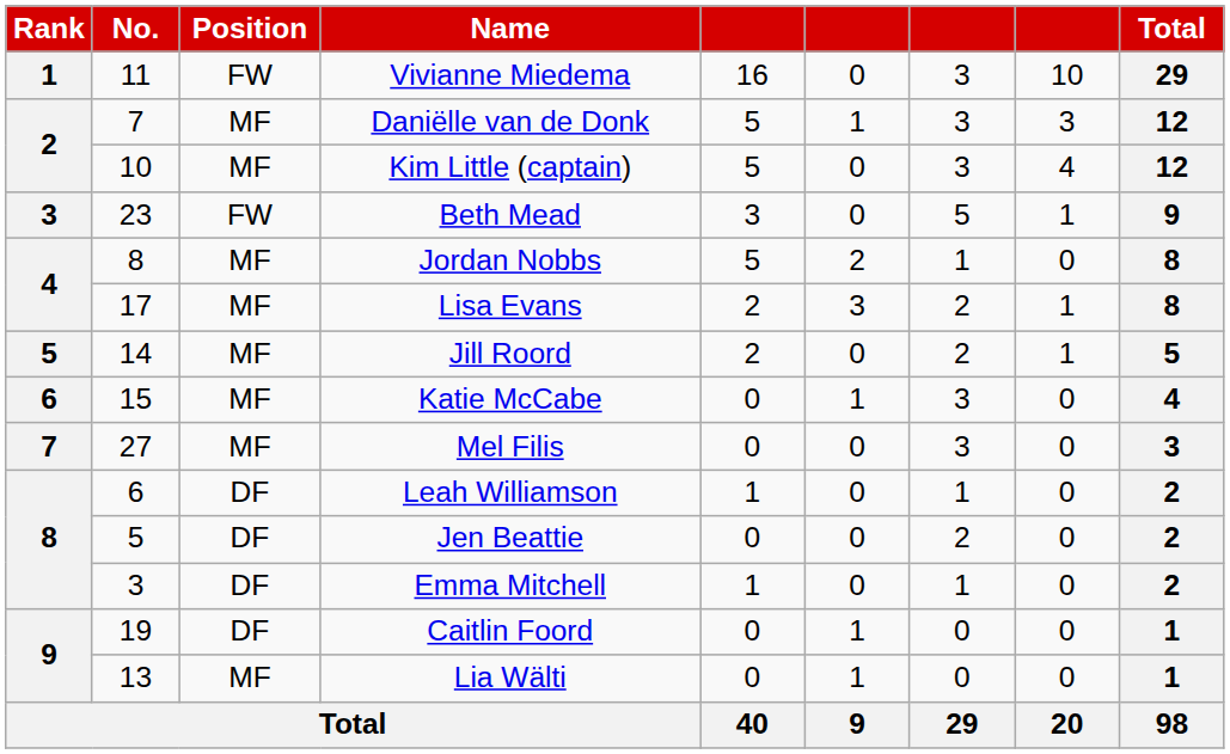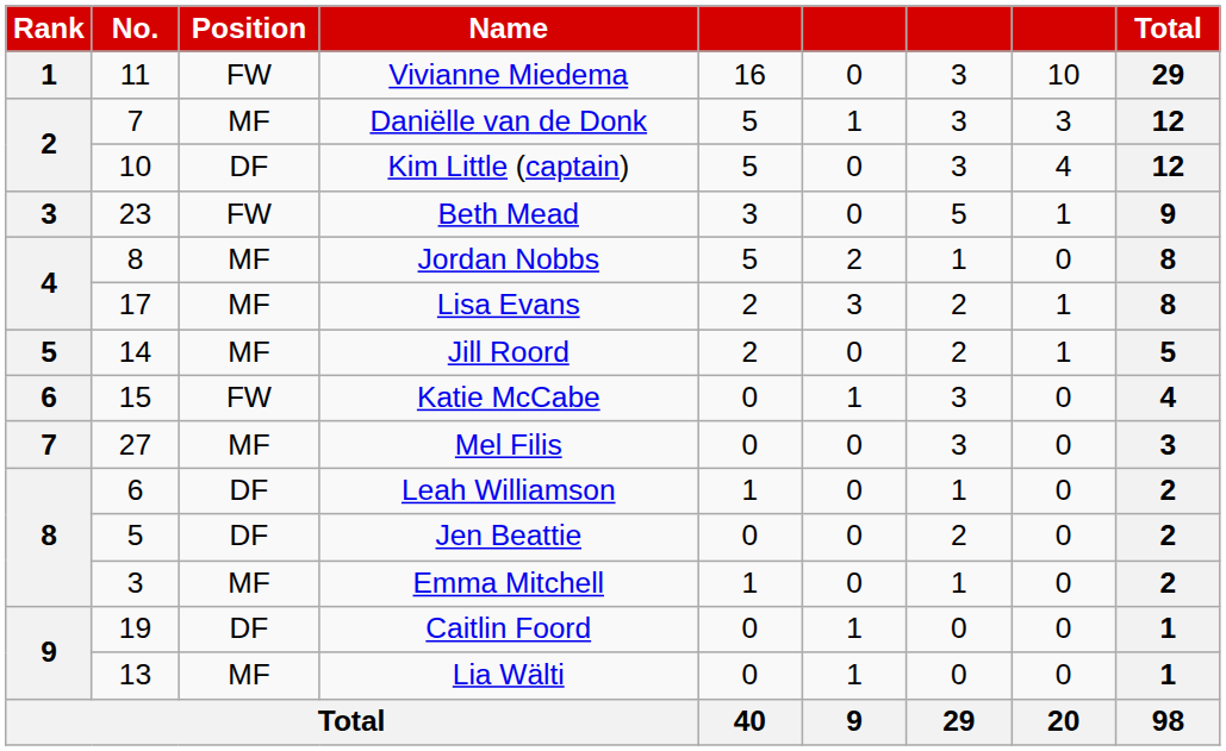 <table class="wikitable" style="text-align:center; font-size:100%; ">
 <tr>
 <th style="background:#d50000; color:white; text-align:center; width:40px">Rank</th>
 <th style="background:#d50000; color:white; text-align:center; width:40px">No.</th>
 <th style="background:#d50000; color:white; text-align:center; width:70px">Position</th>
 <th style="background:#d50000; color:white; text-align:center; width:200px">Name</th>
 <th style="background:#d50000; color:white; text-align:center; width:50px;"><a href='#'></a></th>
 <th style="background:#d50000; color:white; text-align:center; width:50px;"><a href='#'></a></th>
 <th style="background:#d50000; color:white; text-align:center; width:50px;"><a href='#'></a></th>
 <th style="background:#d50000; color:white; text-align:center; width:50px;"><a href='#'></a></th>
 <th style="background:#d50000; color:white; text-align:center; width:50px;">Total</th>
 </tr>
 <tr>
 <th>1</th>
 <td>11</td>
 <td>FW</td>
 <td> <a href='#'>Vivianne Miedema</a></td>
 <td>16</td>
 <td>0</td>
 <td>3</td>
 <td>10</td>
 <th>29</th>
 </tr>
 <tr>
 <th rowspan="2">2</th>
 <td>7</td>
 <td>MF</td>
 <td> <a href='#'>Daniëlle van de Donk</a></td>
 <td>5</td>
 <td>1</td>
 <td>3</td>
 <td>3</td>
 <th>12</th>
 </tr>
 <tr>
 <td>10</td>
-<td>MF</td>
+<td>DF</td>
 <td> <a href='#'>Kim Little</a> (<a href='#'>captain</a>)</td>
 <td>5</td>
 <td>0</td>
 <td>3</td>
 <td>4</td>
 <th>12</th>
 </tr>
 <tr>
 <th>3</th>
 <td>23</td>
 <td>FW</td>
 <td> <a href='#'>Beth Mead</a></td>
 <td>3</td>
 <td>0</td>
 <td>5</td>
 <td>1</td>
 <th>9</th>
 </tr>
 <tr>
 <th rowspan="2">4</th>
 <td>8</td>
 <td>MF</td>
 <td> <a href='#'>Jordan Nobbs</a></td>
 <td>5</td>
 <td>2</td>
 <td>1</td>
 <td>0</td>
 <th>8</th>
 </tr>
 <tr>
 <td>17</td>
 <td>MF</td>
 <td> <a href='#'>Lisa Evans</a></td>
 <td>2</td>
 <td>3</td>
 <td>2</td>
 <td>1</td>
 <th>8</th>
 </tr>
 <tr>
 <th>5</th>
 <td>14</td>
 <td>MF</td>
 <td> <a href='#'>Jill Roord</a></td>
 <td>2</td>
 <td>0</td>
 <td>2</td>
 <td>1</td>
 <th>5</th>
 </tr>
 <tr>
 <th>6</th>
 <td>15</td>
-<td>MF</td>
+<td>FW</td>
 <td> <a href='#'>Katie McCabe</a></td>
 <td>0</td>
 <td>1</td>
 <td>3</td>
 <td>0</td>
 <th>4</th>
 </tr>
 <tr>
 <th>7</th>
 <td>27</td>
 <td>MF</td>
 <td> <a href='#'>Mel Filis</a></td>
 <td>0</td>
 <td>0</td>
 <td>3</td>
 <td>0</td>
 <th>3</th>
 </tr>
 <tr>
 <th rowspan="3">8</th>
 <td>6</td>
 <td>DF</td>
 <td> <a href='#'>Leah Williamson</a></td>
 <td>1</td>
 <td>0</td>
 <td>1</td>
 <td>0</td>
 <th>2</th>
 </tr>
 <tr>
 <td>5</td>
 <td>DF</td>
 <td> <a href='#'>Jen Beattie</a></td>
 <td>0</td>
 <td>0</td>
 <td>2</td>
 <td>0</td>
 <th>2</th>
 </tr>
 <tr>
 <td>3</td>
-<td>DF</td>
+<td>MF</td>
 <td> <a href='#'>Emma Mitchell</a></td>
 <td>1</td>
 <td>0</td>
 <td>1</td>
 <td>0</td>
 <th>2</th>
 </tr>
 <tr>
 <th rowspan="2">9</th>
 <td>19</td>
 <td>DF</td>
 <td> <a href='#'>Caitlin Foord</a></td>
 <td>0</td>
 <td>1</td>
 <td>0</td>
 <td>0</td>
 <th>1</th>
 </tr>
 <tr>
 <td>13</td>
 <td>MF</td>
 <td> <a href='#'>Lia Wälti</a></td>
 <td>0</td>
 <td>1</td>
 <td>0</td>
 <td>0</td>
 <th>1</th>
 </tr>
 <tr>
 <th colspan="4">Total</th>
 <th>40</th>
 <th>9</th>
 <th>29</th>
 <th>20</th>
 <th>98</th>
 </tr>
 </table>
